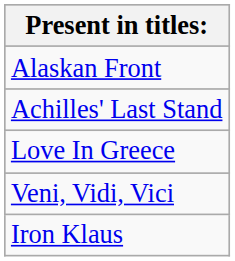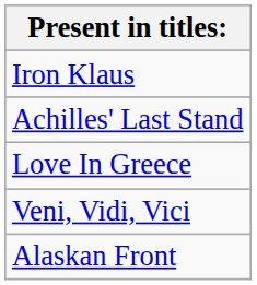 <table class="wikitable">
 <tr>
 <th>Present in titles:</th>
 </tr>
 <tr>
-<td><a href='#'>Alaskan Front</a></td>
+<td><a href='#'>Iron Klaus</a></td>
 </tr>
 <tr>
 <td><a href='#'>Achilles' Last Stand</a></td>
 </tr>
 <tr>
 <td><a href='#'>Love In Greece</a></td>
 </tr>
 <tr>
 <td><a href='#'>Veni, Vidi, Vici</a></td>
 </tr>
 <tr>
-<td><a href='#'>Iron Klaus</a></td>
+<td><a href='#'>Alaskan Front</a></td>
 </tr>
 </table>
